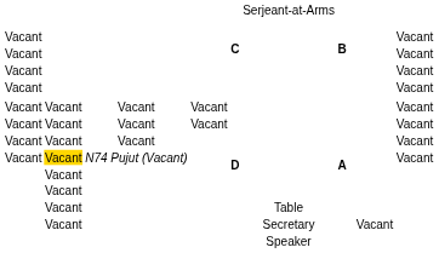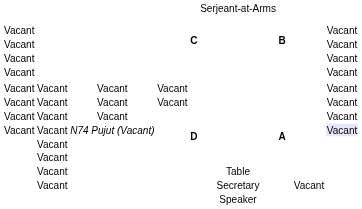 <table style="font-size:95%; text-align:center;">
 <tr>
 <td></td>
 <td bgcolor=></td>
 <td style="background:"></td>
 <td style="background:"></td>
 <td rowspan=8><strong>C</strong></td>
 <td>Serjeant-at-Arms</td>
 <td rowspan=8><strong>B</strong></td>
 <td bgcolor=></td>
 <td style="background:"></td>
 <td style="background:"></td>
 <td></td>
 </tr>
 <tr>
 <td></td>
 <td bgcolor=></td>
 <td style="background:"></td>
 <td style="background:"></td>
 <td></td>
 <td bgcolor=></td>
 <td></td>
 <td style="background:"></td>
 <td></td>
 </tr>
 <tr>
 <td></td>
 <td bgcolor=></td>
 <td style="background:"></td>
 <td style="background:"></td>
 <td></td>
 <td bgcolor=></td>
 <td style="background:"></td>
 <td style="background:"></td>
 <td></td>
 </tr>
 <tr>
 <td></td>
 <td bgcolor=></td>
 <td style="background:"></td>
 <td style="background:"></td>
 <td></td>
 <td bgcolor=></td>
 <td style="background:"></td>
 <td style="background:"></td>
 <td></td>
 </tr>
 <tr>
 <td>Vacant</td>
 <td bgcolor=></td>
 <td style="background:"></td>
 <td style="background:"></td>
 <td></td>
 <td bgcolor=></td>
 <td style="background:"></td>
 <td style="background:"></td>
 <td>Vacant</td>
 </tr>
 <tr>
 <td>Vacant</td>
 <td bgcolor=></td>
 <td style="background:"></td>
 <td style="background:"></td>
 <td></td>
 <td bgcolor=></td>
 <td style="background:"></td>
 <td style="background:"></td>
 <td>Vacant</td>
 </tr>
 <tr>
 <td>Vacant</td>
 <td bgcolor=></td>
 <td style="background:"></td>
 <td style="background:"></td>
 <td></td>
 <td bgcolor=></td>
 <td style="background:"></td>
 <td style="background:"></td>
 <td>Vacant</td>
 </tr>
 <tr>
 <td>Vacant</td>
 <td bgcolor=></td>
 <td style="background:"></td>
 <td style="background:"></td>
 <td></td>
 <td bgcolor=></td>
 <td style="background:"></td>
 <td style="background:"></td>
 <td>Vacant</td>
 </tr>
 <tr>
 <td></td>
 <td></td>
 <td></td>
 <td style="background:"></td>
 <td rowspan=9><strong>D</strong></td>
 <td></td>
 <td rowspan=9><strong>A</strong></td>
 <td bgcolor=></td>
 <td></td>
 <td></td>
 <td></td>
 </tr>
 <tr>
 <td>Vacant</td>
 <td>Vacant</td>
 <td>Vacant</td>
 <td>Vacant</td>
 <td></td>
 <td bgcolor=></td>
 <td style="background:"></td>
 <td style="background:"></td>
 <td>Vacant</td>
 </tr>
 <tr>
 <td>Vacant</td>
 <td>Vacant</td>
 <td>Vacant</td>
 <td>Vacant</td>
 <td></td>
 <td bgcolor=></td>
 <td style="background:"></td>
 <td style="background:"></td>
 <td>Vacant</td>
 </tr>
 <tr>
 <td>Vacant</td>
 <td>Vacant</td>
 <td>Vacant</td>
 <td bgcolor=></td>
 <td></td>
 <td bgcolor=></td>
 <td style="background:"></td>
 <td style="background:"></td>
 <td>Vacant</td>
 </tr>
 <tr>
 <td>Vacant</td>
-<td style="background: gold;">Vacant</td>
+<td>Vacant</td>
 <td><em>N74 Pujut (Vacant)</em></td>
 <td style="background:"></td>
 <td></td>
 <td bgcolor=></td>
 <td style="background:"></td>
 <td style="background:"></td>
-<td>Vacant</td>
+<td style="background: lavender;">Vacant</td>
 </tr>
 <tr>
 <td></td>
 <td>Vacant</td>
 <td bgcolor=></td>
 <td style="background:"></td>
 <td></td>
 <td bgcolor=></td>
 <td style="background:"></td>
 <td style="background:"></td>
 <td></td>
 </tr>
 <tr>
 <td></td>
 <td>Vacant</td>
 <td bgcolor=></td>
 <td style="background:"></td>
 <td></td>
 <td bgcolor=></td>
 <td style="background:"></td>
 <td style="background:"></td>
 <td></td>
 </tr>
 <tr>
 <td></td>
 <td>Vacant</td>
 <td bgcolor=></td>
 <td style="background:"></td>
 <td>Table</td>
 <td bgcolor=></td>
 <td style="background:"></td>
 <td style="background:"></td>
 <td></td>
 </tr>
 <tr>
 <td></td>
 <td>Vacant</td>
 <td bgcolor=></td>
 <td></td>
 <td>Secretary</td>
 <td></td>
 <td style="background:"></td>
 <td>Vacant</td>
 <td></td>
 </tr>
 <tr>
 <td></td>
 <td></td>
 <td></td>
 <td></td>
 <td></td>
 <td>Speaker</td>
 <td></td>
 <td></td>
 <td></td>
 <td></td>
 <td></td>
 </tr>
 <tr>
 <td></td>
 <td></td>
 <td></td>
 <td></td>
 <td></td>
 <td></td>
 <td></td>
 <td></td>
 <td></td>
 <td></td>
 <td></td>
 </tr>
 </table>
